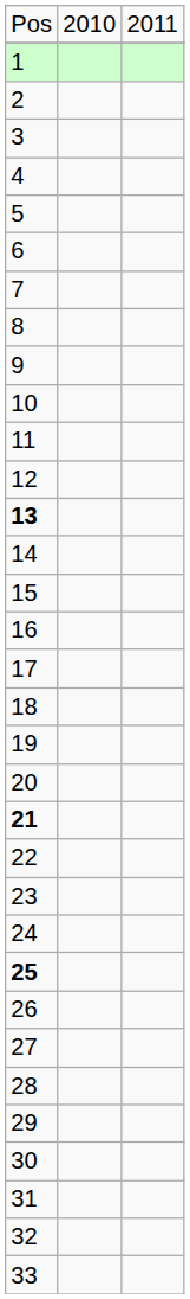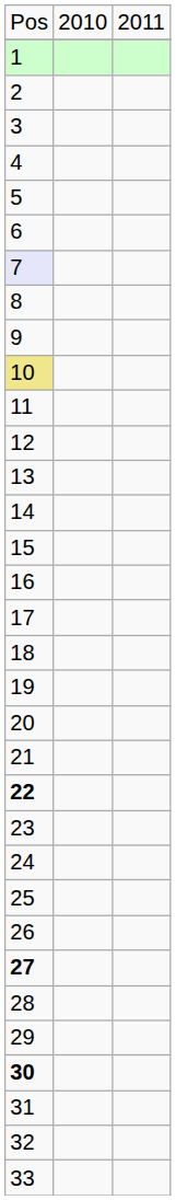 <table class="wikitable" style="text-align: left;">
 <tr>
 <td>Pos</td>
 <td>2010</td>
 <td>2011</td>
 </tr>
 <tr>
 </tr>
 <tr bgcolor=#ccffcc  align=left>
 <td>1</td>
 <td align=left></td>
 <td></td>
 </tr>
 <tr>
 <td>2</td>
 <td align=left></td>
 <td></td>
 </tr>
 <tr>
 <td>3</td>
 <td align=left></td>
 <td></td>
 </tr>
 <tr>
 <td>4</td>
 <td align=left></td>
 <td></td>
 </tr>
 <tr>
 <td>5</td>
 <td align=left></td>
 <td></td>
 </tr>
 <tr>
 <td>6</td>
 <td align=left></td>
 <td></td>
 </tr>
 <tr>
-<td>7</td>
+<td style="background: lavender;">7</td>
 <td align=left></td>
 <td></td>
 </tr>
 <tr>
 <td>8</td>
 <td align=left></td>
 <td></td>
 </tr>
 <tr>
 <td>9</td>
 <td align=left></td>
 <td></td>
 </tr>
 <tr>
-<td>10</td>
+<td style="background: khaki;">10</td>
 <td align=left></td>
 <td></td>
 </tr>
 <tr>
 <td>11</td>
 <td align=left></td>
 <td></td>
 </tr>
 <tr>
 <td>12</td>
 <td align=left></td>
 <td></td>
 </tr>
 <tr>
-<td><strong>13</strong></td>
+<td>13</td>
 <td align=left></td>
 <td></td>
 </tr>
 <tr>
 <td>14</td>
 <td align=left></td>
 <td></td>
 </tr>
 <tr>
 <td>15</td>
 <td align=left></td>
 <td></td>
 </tr>
 <tr>
 <td>16</td>
 <td align=left></td>
 <td></td>
 </tr>
 <tr>
 <td>17</td>
 <td align=left></td>
 <td></td>
 </tr>
 <tr>
 <td>18</td>
 <td align=left></td>
 <td></td>
 </tr>
 <tr>
 <td>19</td>
 <td align=left></td>
 <td></td>
 </tr>
 <tr>
 <td>20</td>
 <td align=left></td>
 <td></td>
 </tr>
 <tr>
-<td><strong>21</strong></td>
+<td>21</td>
 <td align=left></td>
 <td></td>
 </tr>
 <tr>
-<td>22</td>
+<td><strong>22</strong></td>
 <td align=left></td>
 <td></td>
 </tr>
 <tr>
 <td>23</td>
 <td align=left></td>
 <td></td>
 </tr>
 <tr>
 <td>24</td>
 <td align=left></td>
 <td></td>
 </tr>
 <tr>
-<td><strong>25</strong></td>
+<td>25</td>
 <td align=left></td>
 <td></td>
 </tr>
 <tr>
 <td>26</td>
 <td align=left></td>
 <td></td>
 </tr>
 <tr>
-<td>27</td>
+<td><strong>27</strong></td>
 <td align=left></td>
 <td></td>
 </tr>
 <tr>
 <td>28</td>
 <td align=left></td>
 <td></td>
 </tr>
 <tr>
 <td>29</td>
 <td align=left></td>
 <td></td>
 </tr>
 <tr>
-<td>30</td>
+<td><strong>30</strong></td>
 <td align=left></td>
 <td></td>
 </tr>
 <tr>
 <td>31</td>
 <td align=left></td>
 <td></td>
 </tr>
 <tr>
 <td>32</td>
 <td align=left></td>
 <td></td>
 </tr>
 <tr>
 <td>33</td>
 <td align=left></td>
 <td></td>
 </tr>
 </table>
